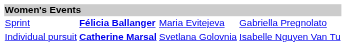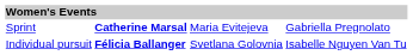 <table>
 <tr bgcolor="#cccccc">
 <td colspan=4><strong>Women's Events</strong></td>
 </tr>
 <tr>
 <td><a href='#'>Sprint</a> <br></td>
-<td><strong><a href='#'>Félicia Ballanger</a><br><small></small></strong></td>
+<td><strong><a href='#'>Catherine Marsal</a><br><small></small></strong></td>
 <td><a href='#'>Maria Evitejeva</a><br><small></small></td>
 <td><a href='#'>Gabriella Pregnolato</a><br><small></small></td>
 </tr>
 <tr>
 <td><a href='#'>Individual pursuit</a> <br></td>
-<td><strong><a href='#'>Catherine Marsal</a><br><small></small></strong></td>
+<td><strong><a href='#'>Félicia Ballanger</a><br><small></small></strong></td>
 <td><a href='#'>Svetlana Golovnia</a><br><small></small></td>
 <td><a href='#'>Isabelle Nguyen Van Tu</a><br><small></small></td>
 </tr>
 </table>
